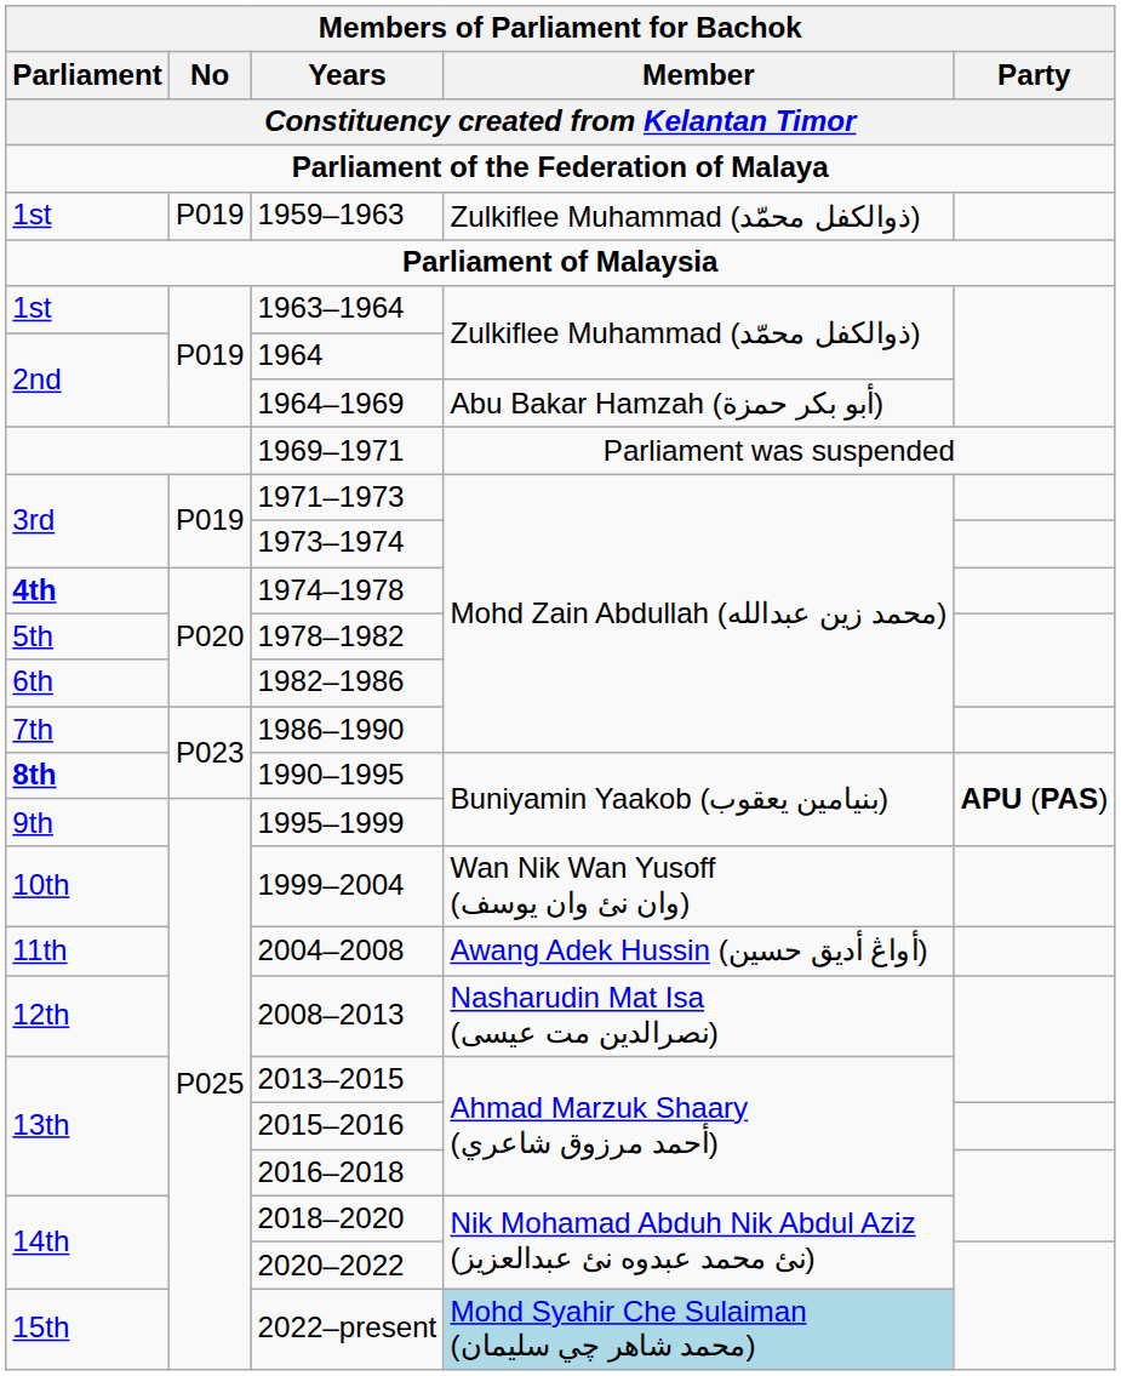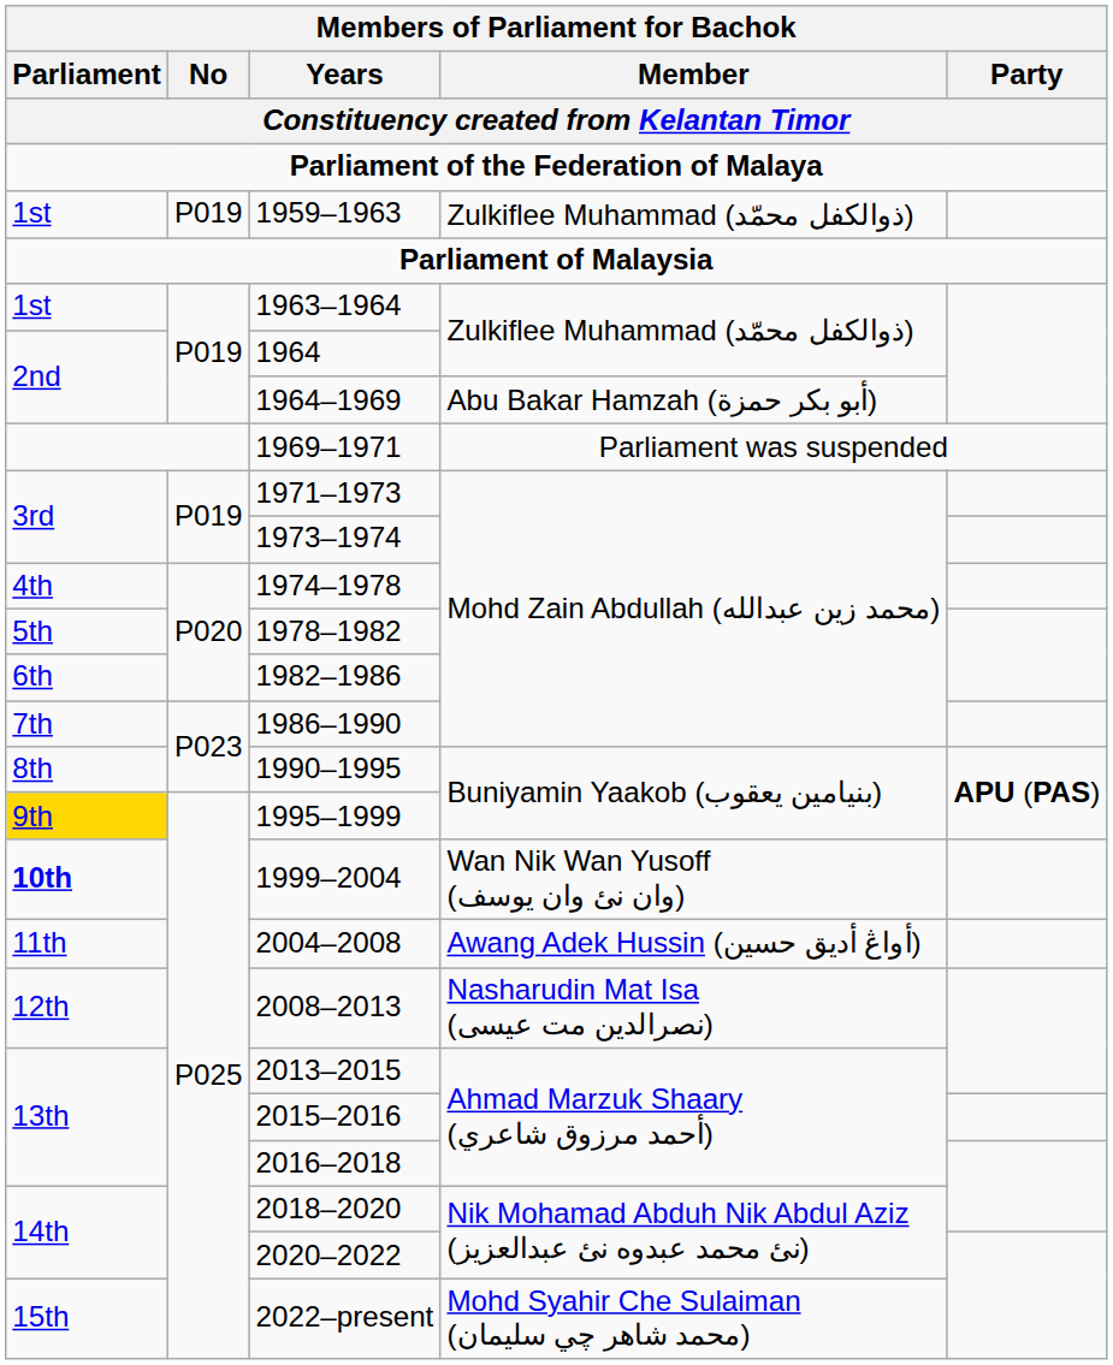 <table class=wikitable>
 <tr>
 <th colspan="5">Members of Parliament for Bachok</th>
 </tr>
 <tr>
 <th>Parliament</th>
 <th>No</th>
 <th>Years</th>
 <th>Member</th>
 <th>Party</th>
 </tr>
 <tr>
 <th colspan="5" align="center"><em>Constituency created from <a href='#'>Kelantan Timor</a></em></th>
 </tr>
 <tr>
 <td colspan="5" align="center"><strong>Parliament of the Federation of Malaya</strong></td>
 </tr>
 <tr>
 <td><a href='#'>1st</a></td>
 <td>P019</td>
 <td>1959–1963</td>
 <td>Zulkiflee Muhammad (ذوالكفل محمّد)</td>
 <td></td>
 </tr>
 <tr>
 <td colspan="5" align="center"><strong>Parliament of Malaysia</strong></td>
 </tr>
 <tr>
 <td><a href='#'>1st</a></td>
 <td rowspan="3">P019</td>
 <td>1963–1964</td>
 <td rowspan=2>Zulkiflee Muhammad (ذوالكفل محمّد)</td>
 <td rowspan="3"></td>
 </tr>
 <tr>
 <td rowspan=2><a href='#'>2nd</a></td>
 <td>1964</td>
 </tr>
 <tr>
 <td>1964–1969</td>
 <td>Abu Bakar Hamzah  (أبو بكر حمزة)</td>
 </tr>
 <tr>
 <td colspan="2"></td>
 <td>1969–1971</td>
 <td colspan=2 align=center>Parliament was suspended</td>
 </tr>
 <tr>
 <td rowspan=2><a href='#'>3rd</a></td>
 <td rowspan="2">P019</td>
 <td>1971–1973</td>
 <td rowspan=6>Mohd Zain Abdullah (محمد زين عبدالله)</td>
 <td></td>
 </tr>
 <tr>
 <td>1973–1974</td>
 <td></td>
 </tr>
 <tr>
-<td><strong><a href='#'>4th</a></strong></td>
+<td><a href='#'>4th</a></td>
 <td rowspan="3">P020</td>
 <td>1974–1978</td>
 <td></td>
 </tr>
 <tr>
 <td><a href='#'>5th</a></td>
 <td>1978–1982</td>
 <td rowspan=2></td>
 </tr>
 <tr>
 <td><a href='#'>6th</a></td>
 <td>1982–1986</td>
 </tr>
 <tr>
 <td><a href='#'>7th</a></td>
 <td rowspan="2">P023</td>
 <td>1986–1990</td>
 <td></td>
 </tr>
 <tr>
-<td><strong><a href='#'>8th</a></strong></td>
+<td><a href='#'>8th</a></td>
 <td>1990–1995</td>
 <td rowspan=2>Buniyamin Yaakob (بنيامين يعقوب)</td>
 <td rowspan="2"><strong>APU</strong> (<strong>PAS</strong>)</td>
 </tr>
 <tr>
-<td><a href='#'>9th</a></td>
+<td style="background: gold;"><a href='#'>9th</a></td>
 <td rowspan=10>P025</td>
 <td>1995–1999</td>
 </tr>
 <tr>
-<td><a href='#'>10th</a></td>
+<td><strong><a href='#'>10th</a></strong></td>
 <td>1999–2004</td>
 <td>Wan Nik Wan Yusoff  <br>(وان نئ وان يوسف)</td>
 <td></td>
 </tr>
 <tr>
 <td><a href='#'>11th</a></td>
 <td>2004–2008</td>
 <td><a href='#'>Awang Adek Hussin</a>  (أواڠ أديق حسين)</td>
 <td></td>
 </tr>
 <tr>
 <td><a href='#'>12th</a></td>
 <td>2008–2013</td>
 <td><a href='#'>Nasharudin Mat Isa</a>  <br>(نصرالدين مت عيسى)</td>
 <td rowspan="2"></td>
 </tr>
 <tr>
 <td rowspan=3><a href='#'>13th</a></td>
 <td>2013–2015</td>
 <td rowspan=3><a href='#'>Ahmad Marzuk Shaary</a>  <br>(أحمد مرزوق شاعري)</td>
 </tr>
 <tr>
 <td>2015–2016</td>
 <td></td>
 </tr>
 <tr>
 <td>2016–2018</td>
 <td rowspan=2></td>
 </tr>
 <tr>
 <td rowspan="2"><a href='#'>14th</a></td>
 <td>2018–2020</td>
 <td rowspan="2"><a href='#'>Nik Mohamad Abduh Nik Abdul Aziz</a> <br>(نئ محمد عبدوه نئ عبدالعزيز)</td>
 </tr>
 <tr>
 <td>2020–2022</td>
 <td rowspan="2"></td>
 </tr>
 <tr>
 <td><a href='#'>15th</a></td>
 <td>2022–present</td>
-<td style="background: lightblue;"><a href='#'>Mohd Syahir Che Sulaiman</a>  <br>(محمد شاهر چي سليمان)</td>
+<td><a href='#'>Mohd Syahir Che Sulaiman</a>  <br>(محمد شاهر چي سليمان)</td>
 </tr>
 </table>
